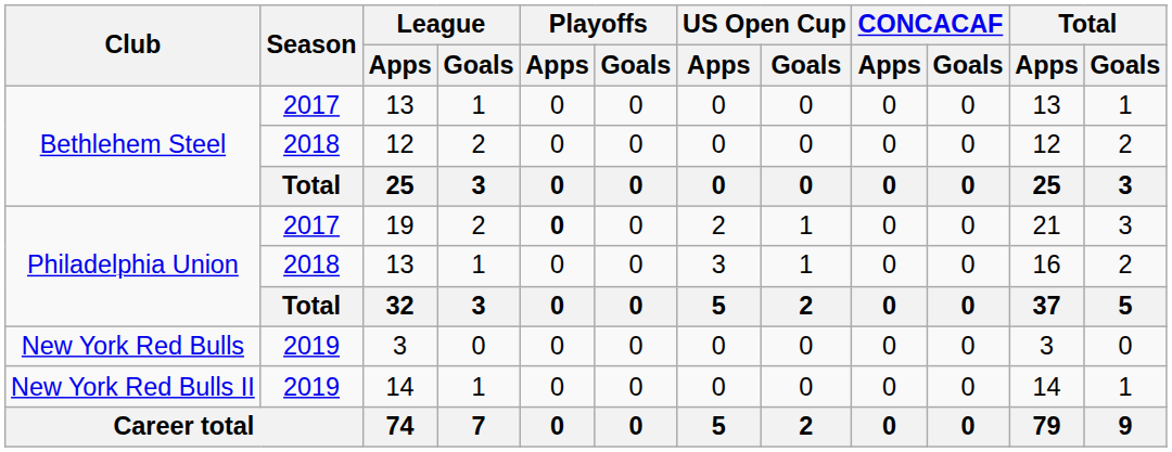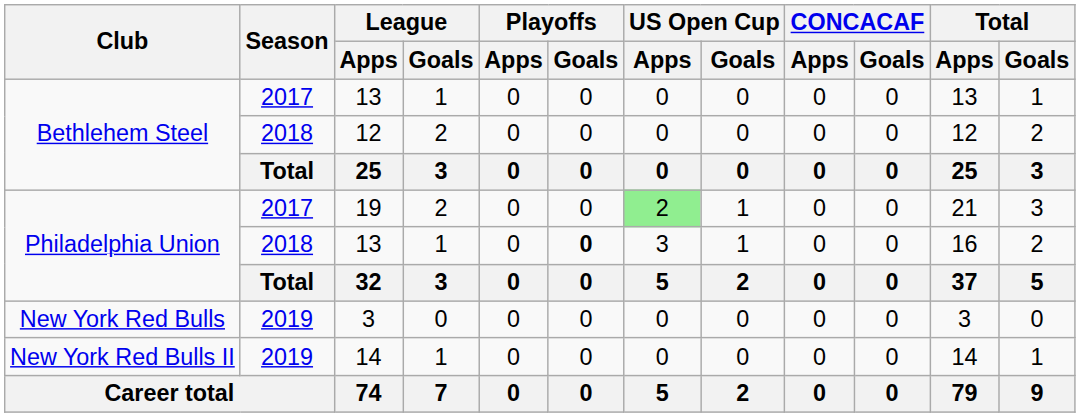 <table class="wikitable" style="text-align: center;">
 <tr>
 <th rowspan="2">Club</th>
 <th rowspan="2">Season</th>
 <th colspan="2">League</th>
 <th colspan="2">Playoffs</th>
 <th colspan="2">US Open Cup</th>
 <th colspan="2"><a href='#'>CONCACAF</a></th>
 <th colspan="2">Total</th>
 </tr>
 <tr>
 <th>Apps</th>
 <th>Goals</th>
 <th>Apps</th>
 <th>Goals</th>
 <th>Apps</th>
 <th>Goals</th>
 <th>Apps</th>
 <th>Goals</th>
 <th>Apps</th>
 <th>Goals</th>
 </tr>
 <tr>
 <td rowspan="3"><a href='#'>Bethlehem Steel</a></td>
 <td><a href='#'>2017</a></td>
 <td>13</td>
 <td>1</td>
 <td>0</td>
 <td>0</td>
 <td>0</td>
 <td>0</td>
 <td>0</td>
 <td>0</td>
 <td>13</td>
 <td>1</td>
 </tr>
 <tr>
 <td><a href='#'>2018</a></td>
 <td>12</td>
 <td>2</td>
 <td>0</td>
 <td>0</td>
 <td>0</td>
 <td>0</td>
 <td>0</td>
 <td>0</td>
 <td>12</td>
 <td>2</td>
 </tr>
 <tr>
 <th>Total</th>
 <th>25</th>
 <th>3</th>
 <th>0</th>
 <th>0</th>
 <th>0</th>
 <th>0</th>
 <th>0</th>
 <th>0</th>
 <th>25</th>
 <th>3</th>
 </tr>
 <tr>
 <td rowspan="3"><a href='#'>Philadelphia Union</a></td>
 <td><a href='#'>2017</a></td>
 <td>19</td>
 <td>2</td>
-<td><strong>0</strong></td>
 <td>0</td>
-<td>2</td>
+<td>0</td>
+<td style="background: lightgreen;">2</td>
 <td>1</td>
 <td>0</td>
 <td>0</td>
 <td>21</td>
 <td>3</td>
 </tr>
 <tr>
 <td><a href='#'>2018</a></td>
 <td>13</td>
 <td>1</td>
 <td>0</td>
-<td>0</td>
+<td><strong>0</strong></td>
 <td>3</td>
 <td>1</td>
 <td>0</td>
 <td>0</td>
 <td>16</td>
 <td>2</td>
 </tr>
 <tr>
 <th>Total</th>
 <th>32</th>
 <th>3</th>
 <th>0</th>
 <th>0</th>
 <th>5</th>
 <th>2</th>
 <th>0</th>
 <th>0</th>
 <th>37</th>
 <th>5</th>
 </tr>
 <tr>
 <td rowspan="1"><a href='#'>New York Red Bulls</a></td>
 <td><a href='#'>2019</a></td>
 <td>3</td>
 <td>0</td>
 <td>0</td>
 <td>0</td>
 <td>0</td>
 <td>0</td>
 <td>0</td>
 <td>0</td>
 <td>3</td>
 <td>0</td>
 </tr>
 <tr>
 <td rowspan="1"><a href='#'>New York Red Bulls II</a></td>
 <td><a href='#'>2019</a></td>
 <td>14</td>
 <td>1</td>
 <td>0</td>
 <td>0</td>
 <td>0</td>
 <td>0</td>
 <td>0</td>
 <td>0</td>
 <td>14</td>
 <td>1</td>
 </tr>
 <tr>
 <th colspan="2">Career total</th>
 <th>74</th>
 <th>7</th>
 <th>0</th>
 <th>0</th>
 <th>5</th>
 <th>2</th>
 <th>0</th>
 <th>0</th>
 <th>79</th>
 <th>9</th>
 </tr>
 </table>
